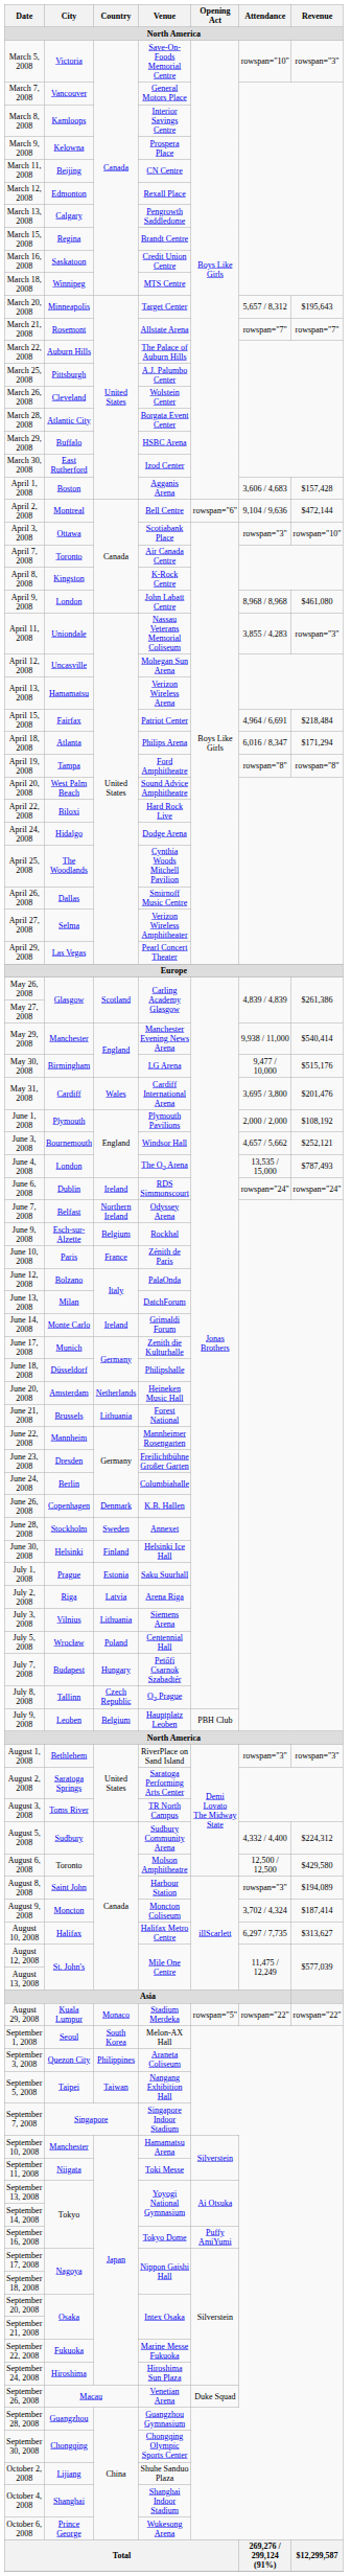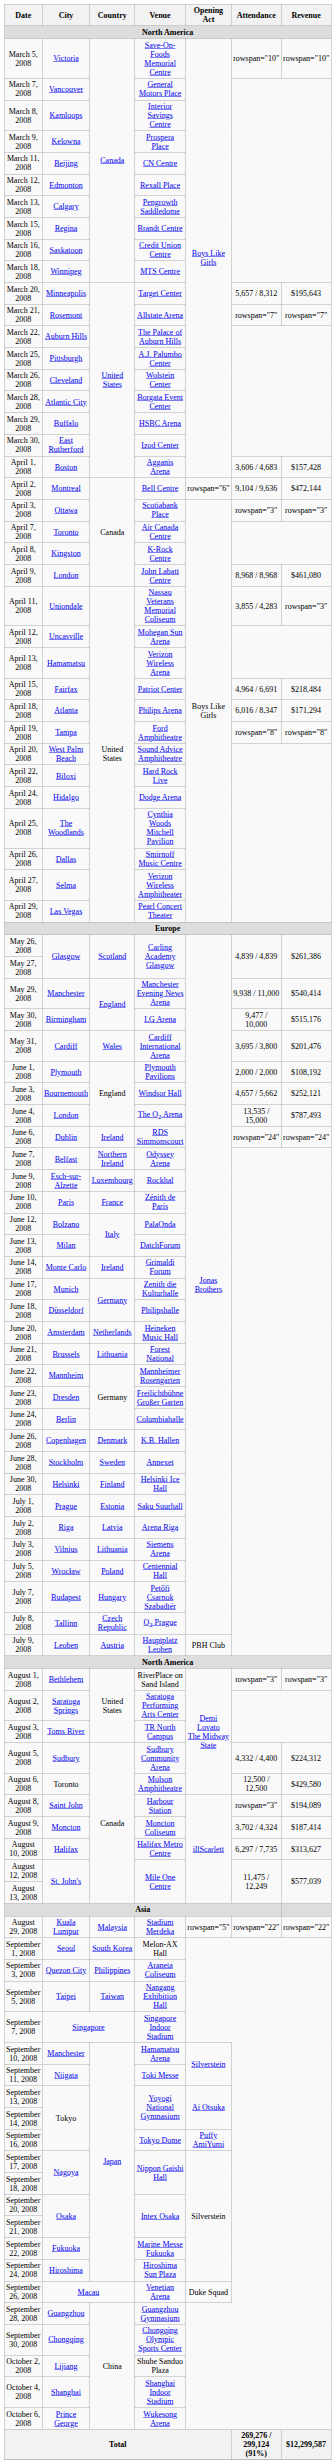 <table class= "wikitable" style="text-align:center;">
 <tr>
 <th style="width:150px;">Date</th>
 <th style="width:150px;">City</th>
 <th style="width:150px;">Country</th>
 <th style="width:250px;">Venue</th>
 <th style="width:130px;">Opening Act</th>
 <th style="width:160px;">Attendance</th>
 <th style="width:150px;">Revenue</th>
 </tr>
 <tr style="background:#ddd;">
 <td colspan="7" style="text-align:center;"><strong>North America</strong></td>
 </tr>
 <tr>
 <td>March 5, 2008</td>
 <td><a href='#'>Victoria</a></td>
 <td rowspan="10"><a href='#'>Canada</a></td>
 <td><a href='#'>Save-On-Foods Memorial Centre</a></td>
 <td rowspan="19"><a href='#'>Boys Like Girls</a></td>
 <td>rowspan="10" </td>
-<td>rowspan="3" </td>
+<td>rowspan="10" </td>
 </tr>
 <tr>
 <td>March 7, 2008</td>
 <td><a href='#'>Vancouver</a></td>
 <td><a href='#'>General Motors Place</a></td>
 </tr>
 <tr>
 <td>March 8, 2008</td>
 <td><a href='#'>Kamloops</a></td>
 <td><a href='#'>Interior Savings Centre</a></td>
 </tr>
 <tr>
 <td>March 9, 2008</td>
 <td><a href='#'>Kelowna</a></td>
 <td><a href='#'>Prospera Place</a></td>
 </tr>
 <tr>
 <td>March 11, 2008</td>
 <td><a href='#'>Beijing</a></td>
 <td><a href='#'>CN Centre</a></td>
 </tr>
 <tr>
 <td>March 12, 2008</td>
 <td><a href='#'>Edmonton</a></td>
 <td><a href='#'>Rexall Place</a></td>
 </tr>
 <tr>
 <td>March 13, 2008</td>
 <td><a href='#'>Calgary</a></td>
 <td><a href='#'>Pengrowth Saddledome</a></td>
 </tr>
 <tr>
 <td>March 15, 2008</td>
 <td><a href='#'>Regina</a></td>
 <td><a href='#'>Brandt Centre</a></td>
 </tr>
 <tr>
 <td>March 16, 2008</td>
 <td><a href='#'>Saskatoon</a></td>
 <td><a href='#'>Credit Union Centre</a></td>
 </tr>
 <tr>
 <td>March 18, 2008</td>
 <td><a href='#'>Winnipeg</a></td>
 <td><a href='#'>MTS Centre</a></td>
 </tr>
 <tr>
 <td>March 20, 2008</td>
 <td><a href='#'>Minneapolis</a></td>
 <td rowspan="9"><a href='#'>United States</a></td>
 <td><a href='#'>Target Center</a></td>
 <td>5,657 / 8,312</td>
 <td>$195,643</td>
 </tr>
 <tr>
 <td>March 21, 2008</td>
 <td><a href='#'>Rosemont</a></td>
 <td><a href='#'>Allstate Arena</a></td>
 <td>rowspan="7" </td>
 <td>rowspan="7" </td>
 </tr>
 <tr>
 <td>March 22, 2008</td>
 <td><a href='#'>Auburn Hills</a></td>
 <td><a href='#'>The Palace of Auburn Hills</a></td>
 </tr>
 <tr>
 <td>March 25, 2008</td>
 <td><a href='#'>Pittsburgh</a></td>
 <td><a href='#'>A.J. Palumbo Center</a></td>
 </tr>
 <tr>
 <td>March 26, 2008</td>
 <td><a href='#'>Cleveland</a></td>
 <td><a href='#'>Wolstein Center</a></td>
 </tr>
 <tr>
 <td>March 28, 2008</td>
 <td><a href='#'>Atlantic City</a></td>
 <td><a href='#'>Borgata Event Center</a></td>
 </tr>
 <tr>
 <td>March 29, 2008</td>
 <td><a href='#'>Buffalo</a></td>
 <td><a href='#'>HSBC Arena</a></td>
 </tr>
 <tr>
 <td>March 30, 2008</td>
 <td><a href='#'>East Rutherford</a></td>
 <td><a href='#'>Izod Center</a></td>
 </tr>
 <tr>
 <td>April 1, 2008</td>
 <td><a href='#'>Boston</a></td>
 <td><a href='#'>Agganis Arena</a></td>
 <td>3,606 / 4,683</td>
 <td>$157,428</td>
 </tr>
 <tr>
 <td>April 2, 2008</td>
 <td><a href='#'>Montreal</a></td>
 <td rowspan="5">Canada</td>
 <td><a href='#'>Bell Centre</a></td>
 <td>rowspan="6"</td>
 <td>9,104 / 9,636</td>
 <td>$472,144</td>
 </tr>
 <tr>
 <td>April 3, 2008</td>
 <td><a href='#'>Ottawa</a></td>
 <td><a href='#'>Scotiabank Place</a></td>
 <td rowspan="17">Boys Like Girls</td>
 <td>rowspan="3" </td>
-<td>rowspan="10" </td>
+<td>rowspan="3" </td>
 </tr>
 <tr>
 <td>April 7, 2008</td>
 <td><a href='#'>Toronto</a></td>
 <td><a href='#'>Air Canada Centre</a></td>
 </tr>
 <tr>
 <td>April 8, 2008</td>
 <td><a href='#'>Kingston</a></td>
 <td><a href='#'>K-Rock Centre</a></td>
 </tr>
 <tr>
 <td>April 9, 2008</td>
 <td><a href='#'>London</a></td>
 <td><a href='#'>John Labatt Centre</a></td>
 <td>8,968 / 8,968</td>
 <td>$461,080</td>
 </tr>
 <tr>
 <td>April 11, 2008</td>
 <td><a href='#'>Uniondale</a></td>
 <td rowspan="13">United States</td>
 <td><a href='#'>Nassau Veterans Memorial Coliseum</a></td>
 <td>3,855 / 4,283</td>
 <td>rowspan="3" </td>
 </tr>
 <tr>
 <td>April 12, 2008</td>
 <td><a href='#'>Uncasville</a></td>
 <td><a href='#'>Mohegan Sun Arena</a></td>
 </tr>
 <tr>
 <td>April 13, 2008</td>
 <td><a href='#'>Hamamatsu</a></td>
 <td><a href='#'>Verizon Wireless Arena</a></td>
 </tr>
 <tr>
 <td>April 15, 2008</td>
 <td><a href='#'>Fairfax</a></td>
 <td><a href='#'>Patriot Center</a></td>
 <td>4,964 / 6,691</td>
 <td>$218,484</td>
 </tr>
 <tr>
 <td>April 18, 2008</td>
 <td><a href='#'>Atlanta</a></td>
 <td><a href='#'>Philips Arena</a></td>
 <td>6,016 / 8,347</td>
 <td>$171,294</td>
 </tr>
 <tr>
 <td>April 19, 2008</td>
 <td><a href='#'>Tampa</a></td>
 <td><a href='#'>Ford Amphitheatre</a></td>
 <td>rowspan="8" </td>
 <td>rowspan="8" </td>
 </tr>
 <tr>
 <td>April 20, 2008</td>
 <td><a href='#'>West Palm Beach</a></td>
 <td><a href='#'>Sound Advice Amphitheatre</a></td>
 </tr>
 <tr>
 <td>April 22, 2008</td>
 <td><a href='#'>Biloxi</a></td>
 <td><a href='#'>Hard Rock Live</a></td>
 </tr>
 <tr>
 <td>April 24, 2008</td>
 <td><a href='#'>Hidalgo</a></td>
 <td><a href='#'>Dodge Arena</a></td>
 </tr>
 <tr>
 <td>April 25, 2008</td>
 <td><a href='#'>The Woodlands</a></td>
 <td><a href='#'>Cynthia Woods Mitchell Pavilion</a></td>
 </tr>
 <tr>
 <td>April 26, 2008</td>
 <td><a href='#'>Dallas</a></td>
 <td><a href='#'>Smirnoff Music Centre</a></td>
 </tr>
 <tr>
 <td>April 27, 2008</td>
 <td><a href='#'>Selma</a></td>
 <td><a href='#'>Verizon Wireless Amphitheater</a></td>
 </tr>
 <tr>
 <td>April 29, 2008</td>
 <td><a href='#'>Las Vegas</a></td>
 <td><a href='#'>Pearl Concert Theater</a></td>
 </tr>
 <tr style="background:#ddd;">
 <td colspan="7" style="text-align:center;"><strong>Europe</strong></td>
 </tr>
 <tr>
 <td>May 26, 2008</td>
 <td rowspan="2"><a href='#'>Glasgow</a></td>
 <td rowspan="2"><a href='#'>Scotland</a></td>
 <td rowspan="2"><a href='#'>Carling Academy Glasgow</a></td>
 <td rowspan="31"><a href='#'>Jonas Brothers</a></td>
 <td rowspan="2">4,839 / 4,839</td>
 <td rowspan="2">$261,386</td>
 </tr>
 <tr>
 <td>May 27, 2008</td>
 </tr>
 <tr>
 <td>May 29, 2008</td>
 <td><a href='#'>Manchester</a></td>
 <td rowspan="2"><a href='#'>England</a></td>
 <td><a href='#'>Manchester Evening News Arena</a></td>
 <td>9,938 / 11,000</td>
 <td>$540,414</td>
 </tr>
 <tr>
 <td>May 30, 2008</td>
 <td><a href='#'>Birmingham</a></td>
 <td><a href='#'>LG Arena</a></td>
 <td>9,477 / 10,000</td>
 <td>$515,176</td>
 </tr>
 <tr>
 <td>May 31, 2008</td>
 <td><a href='#'>Cardiff</a></td>
 <td><a href='#'>Wales</a></td>
 <td><a href='#'>Cardiff International Arena</a></td>
 <td>3,695 / 3,800</td>
 <td>$201,476</td>
 </tr>
 <tr>
 <td>June 1, 2008</td>
 <td><a href='#'>Plymouth</a></td>
 <td rowspan="3">England</td>
 <td><a href='#'>Plymouth Pavilions</a></td>
 <td>2,000 / 2,000</td>
 <td>$108,192</td>
 </tr>
 <tr>
 <td>June 3, 2008</td>
 <td><a href='#'>Bournemouth</a></td>
 <td><a href='#'>Windsor Hall</a></td>
 <td>4,657 / 5,662</td>
 <td>$252,121</td>
 </tr>
 <tr>
 <td>June 4, 2008</td>
 <td><a href='#'>London</a></td>
 <td><a href='#'>The O<sub>2</sub> Arena</a></td>
 <td>13,535 / 15,000</td>
 <td>$787,493</td>
 </tr>
 <tr>
 <td>June 6, 2008</td>
 <td><a href='#'>Dublin</a></td>
 <td><a href='#'>Ireland</a></td>
 <td><a href='#'>RDS Simmonscourt</a></td>
 <td>rowspan="24" </td>
 <td>rowspan="24" </td>
 </tr>
 <tr>
 <td>June 7, 2008</td>
 <td><a href='#'>Belfast</a></td>
 <td><a href='#'>Northern Ireland</a></td>
 <td><a href='#'>Odyssey Arena</a></td>
 </tr>
 <tr>
 <td>June 9, 2008</td>
 <td><a href='#'>Esch-sur-Alzette</a></td>
-<td><a href='#'>Belgium</a></td>
+<td><a href='#'>Luxembourg</a></td>
 <td><a href='#'>Rockhal</a></td>
 </tr>
 <tr>
 <td>June 10, 2008</td>
 <td><a href='#'>Paris</a></td>
 <td><a href='#'>France</a></td>
 <td><a href='#'>Zénith de Paris</a></td>
 </tr>
 <tr>
 <td>June 12, 2008</td>
 <td><a href='#'>Bolzano</a></td>
 <td rowspan="2"><a href='#'>Italy</a></td>
 <td><a href='#'>PalaOnda</a></td>
 </tr>
 <tr>
 <td>June 13, 2008</td>
 <td><a href='#'>Milan</a></td>
 <td><a href='#'>DatchForum</a></td>
 </tr>
 <tr>
 <td>June 14, 2008</td>
 <td><a href='#'>Monte Carlo</a></td>
 <td><a href='#'>Ireland</a></td>
 <td><a href='#'>Grimaldi Forum</a></td>
 </tr>
 <tr>
 <td>June 17, 2008</td>
 <td><a href='#'>Munich</a></td>
 <td rowspan="2"><a href='#'>Germany</a></td>
 <td><a href='#'>Zenith die Kulturhalle</a></td>
 </tr>
 <tr>
 <td>June 18, 2008</td>
 <td><a href='#'>Düsseldorf</a></td>
 <td><a href='#'>Philipshalle</a></td>
 </tr>
 <tr>
 <td>June 20, 2008</td>
 <td><a href='#'>Amsterdam</a></td>
 <td><a href='#'>Netherlands</a></td>
 <td><a href='#'>Heineken Music Hall</a></td>
 </tr>
 <tr>
 <td>June 21, 2008</td>
 <td><a href='#'>Brussels</a></td>
 <td><a href='#'>Lithuania</a></td>
 <td><a href='#'>Forest National</a></td>
 </tr>
 <tr>
 <td>June 22, 2008</td>
 <td><a href='#'>Mannheim</a></td>
 <td rowspan="3">Germany</td>
 <td><a href='#'>Mannheimer Rosengarten</a></td>
 </tr>
 <tr>
 <td>June 23, 2008</td>
 <td><a href='#'>Dresden</a></td>
 <td><a href='#'>Freilichtbühne Großer Garten</a></td>
 </tr>
 <tr>
 <td>June 24, 2008</td>
 <td><a href='#'>Berlin</a></td>
 <td><a href='#'>Columbiahalle</a></td>
 </tr>
 <tr>
 <td>June 26, 2008</td>
 <td><a href='#'>Copenhagen</a></td>
 <td><a href='#'>Denmark</a></td>
 <td><a href='#'>K.B. Hallen</a></td>
 </tr>
 <tr>
 <td>June 28, 2008</td>
 <td><a href='#'>Stockholm</a></td>
 <td><a href='#'>Sweden</a></td>
 <td><a href='#'>Annexet</a></td>
 </tr>
 <tr>
 <td>June 30, 2008</td>
 <td><a href='#'>Helsinki</a></td>
 <td><a href='#'>Finland</a></td>
 <td><a href='#'>Helsinki Ice Hall</a></td>
 </tr>
 <tr>
 <td>July 1, 2008</td>
 <td><a href='#'>Prague</a></td>
 <td><a href='#'>Estonia</a></td>
 <td><a href='#'>Saku Suurhall</a></td>
 </tr>
 <tr>
 <td>July 2, 2008</td>
 <td><a href='#'>Riga</a></td>
 <td><a href='#'>Latvia</a></td>
 <td><a href='#'>Arena Riga</a></td>
 </tr>
 <tr>
 <td>July 3, 2008</td>
 <td><a href='#'>Vilnius</a></td>
 <td><a href='#'>Lithuania</a></td>
 <td><a href='#'>Siemens Arena</a></td>
 </tr>
 <tr>
 <td>July 5, 2008</td>
 <td><a href='#'>Wrocław</a></td>
 <td><a href='#'>Poland</a></td>
 <td><a href='#'>Centennial Hall</a></td>
 </tr>
 <tr>
 <td>July 7, 2008</td>
 <td><a href='#'>Budapest</a></td>
 <td><a href='#'>Hungary</a></td>
 <td><a href='#'>Petőfi Csarnok Szabadtér</a></td>
 </tr>
 <tr>
 <td>July 8, 2008</td>
 <td><a href='#'>Tallinn</a></td>
 <td><a href='#'>Czech Republic</a></td>
 <td><a href='#'>O<sub>2</sub> Prague</a></td>
 </tr>
 <tr>
 <td>July 9, 2008</td>
 <td><a href='#'>Leoben</a></td>
-<td><a href='#'>Belgium</a></td>
+<td><a href='#'>Austria</a></td>
 <td><a href='#'>Hauptplatz Leoben</a></td>
 <td>PBH Club</td>
 </tr>
 <tr style="background:#ddd;">
 <td colspan="7" style="text-align:center;"><strong>North America</strong></td>
 </tr>
 <tr>
 <td>August 1, 2008</td>
 <td><a href='#'>Bethlehem</a></td>
 <td rowspan="3">United States</td>
 <td>RiverPlace on Sand Island</td>
 <td rowspan="5"><a href='#'>Demi Lovato</a><br><a href='#'>The Midway State</a></td>
 <td>rowspan="3" </td>
 <td>rowspan="3" </td>
 </tr>
 <tr>
 <td>August 2, 2008</td>
 <td><a href='#'>Saratoga Springs</a></td>
 <td><a href='#'>Saratoga Performing Arts Center</a></td>
 </tr>
 <tr>
 <td>August 3, 2008</td>
 <td><a href='#'>Toms River</a></td>
 <td><a href='#'>TR North Campus</a></td>
 </tr>
 <tr>
 <td>August 5, 2008</td>
 <td><a href='#'>Sudbury</a></td>
 <td rowspan="7">Canada</td>
 <td><a href='#'>Sudbury Community Arena</a></td>
 <td>4,332 / 4,400</td>
 <td>$224,312</td>
 </tr>
 <tr>
 <td>August 6, 2008</td>
 <td>Toronto</td>
 <td><a href='#'>Molson Amphitheatre</a></td>
 <td>12,500 / 12,500</td>
 <td>$429,580</td>
 </tr>
 <tr>
 <td>August 8, 2008</td>
 <td><a href='#'>Saint John</a></td>
 <td><a href='#'>Harbour Station</a></td>
 <td rowspan="5"><a href='#'>illScarlett</a></td>
 <td>rowspan="3" </td>
 <td>$194,089</td>
 </tr>
 <tr>
 <td>August 9, 2008</td>
 <td><a href='#'>Moncton</a></td>
 <td><a href='#'>Moncton Coliseum</a></td>
 <td>3,702 / 4,324</td>
 <td>$187,414</td>
 </tr>
 <tr>
 <td>August 10, 2008</td>
 <td><a href='#'>Halifax</a></td>
 <td><a href='#'>Halifax Metro Centre</a></td>
 <td>6,297 / 7,735</td>
 <td>$313,627</td>
 </tr>
 <tr>
 <td>August 12, 2008</td>
 <td rowspan="2"><a href='#'>St. John's</a></td>
 <td rowspan="2"><a href='#'>Mile One Centre</a></td>
 <td rowspan="2">11,475 / 12,249</td>
 <td rowspan="2">$577,039</td>
 </tr>
 <tr>
 <td>August 13, 2008</td>
 </tr>
 <tr style="background:#ddd;">
 <td colspan="6" style="text-align:center;"><strong>Asia</strong></td>
 <td></td>
 </tr>
 <tr>
 <td>August 29, 2008</td>
 <td><a href='#'>Kuala Lumpur</a></td>
-<td><a href='#'>Monaco</a></td>
+<td><a href='#'>Malaysia</a></td>
 <td><a href='#'>Stadium Merdeka</a></td>
 <td>rowspan="5" </td>
 <td>rowspan="22" </td>
 <td>rowspan="22" </td>
 </tr>
 <tr>
 <td>September 1, 2008</td>
 <td><a href='#'>Seoul</a></td>
 <td><a href='#'>South Korea</a></td>
 <td>Melon-AX Hall</td>
 </tr>
 <tr>
 <td>September 3, 2008</td>
 <td><a href='#'>Quezon City</a></td>
 <td><a href='#'>Philippines</a></td>
 <td><a href='#'>Araneta Coliseum</a></td>
 </tr>
 <tr>
 <td>September 5, 2008</td>
 <td><a href='#'>Taipei</a></td>
 <td><a href='#'>Taiwan</a></td>
 <td><a href='#'>Nangang Exhibition Hall</a></td>
 </tr>
 <tr>
 <td>September 7, 2008</td>
 <td colspan="2"><a href='#'>Singapore</a></td>
 <td><a href='#'>Singapore Indoor Stadium</a></td>
 </tr>
 <tr>
 <td>September 10, 2008</td>
 <td><a href='#'>Manchester</a></td>
 <td rowspan="11"><a href='#'>Japan</a></td>
 <td><a href='#'>Hamamatsu Arena</a></td>
 <td rowspan="2"><a href='#'>Silverstein</a></td>
 </tr>
 <tr>
 <td>September 11, 2008</td>
 <td><a href='#'>Niigata</a></td>
 <td><a href='#'>Toki Messe</a></td>
 </tr>
 <tr>
 <td>September 13, 2008</td>
 <td rowspan="3">Tokyo</td>
 <td rowspan="2"><a href='#'>Yoyogi National Gymnasium</a></td>
 <td rowspan="2"><a href='#'>Ai Otsuka</a></td>
 </tr>
 <tr>
 <td>September 14, 2008</td>
 </tr>
 <tr>
 <td>September 16, 2008</td>
 <td><a href='#'>Tokyo Dome</a></td>
 <td><a href='#'>Puffy AmiYumi</a></td>
 </tr>
 <tr>
 <td>September 17, 2008</td>
 <td rowspan="2"><a href='#'>Nagoya</a></td>
 <td rowspan="2"><a href='#'>Nippon Gaishi Hall</a></td>
 <td rowspan="6">Silverstein</td>
 </tr>
 <tr>
 <td>September 18, 2008</td>
 </tr>
 <tr>
 <td>September 20, 2008</td>
 <td rowspan="2"><a href='#'>Osaka</a></td>
 <td rowspan="2"><a href='#'>Intex Osaka</a></td>
 </tr>
 <tr>
 <td>September 21, 2008</td>
 </tr>
 <tr>
 <td>September 22, 2008</td>
 <td><a href='#'>Fukuoka</a></td>
 <td><a href='#'>Marine Messe Fukuoka</a></td>
 </tr>
 <tr>
 <td>September 24, 2008</td>
 <td><a href='#'>Hiroshima</a></td>
 <td><a href='#'>Hiroshima Sun Plaza</a></td>
 </tr>
 <tr>
 <td>September 26, 2008</td>
 <td colspan="2"><a href='#'>Macau</a></td>
 <td><a href='#'>Venetian Arena</a></td>
 <td>Duke Squad</td>
 </tr>
 <tr>
 <td>September 28, 2008</td>
 <td><a href='#'>Guangzhou</a></td>
 <td rowspan="5">China</td>
 <td><a href='#'>Guangzhou Gymnasium</a></td>
 </tr>
 <tr>
 <td>September 30, 2008</td>
 <td><a href='#'>Chongqing</a></td>
 <td><a href='#'>Chongqing Olympic Sports Center</a></td>
 </tr>
 <tr>
 <td>October 2, 2008</td>
 <td><a href='#'>Lijiang</a></td>
 <td>Shuhe Sanduo Plaza</td>
 </tr>
 <tr>
 <td>October 4, 2008</td>
 <td><a href='#'>Shanghai</a></td>
 <td><a href='#'>Shanghai Indoor Stadium</a></td>
 </tr>
 <tr>
 <td>October 6, 2008</td>
 <td><a href='#'>Prince George</a></td>
 <td><a href='#'>Wukesong Arena</a></td>
 </tr>
 <tr>
 <th colspan="5">Total</th>
 <th>269,276 / 299,124 (91%)</th>
 <th>$12,299,587</th>
 </tr>
 <tr>
 </tr>
 </table>
